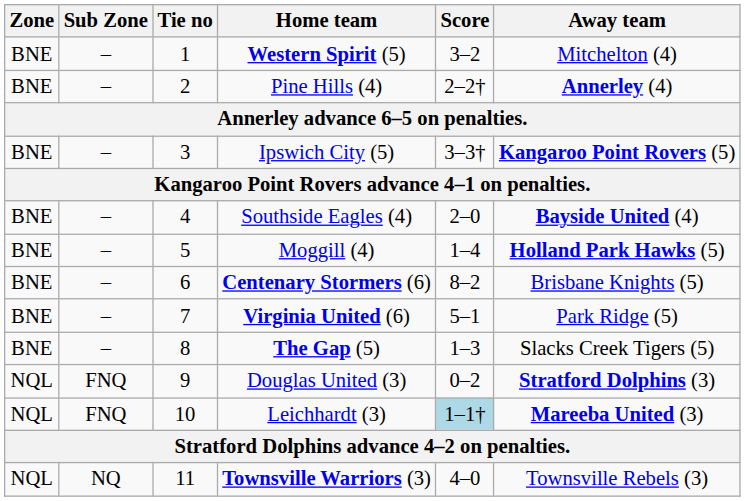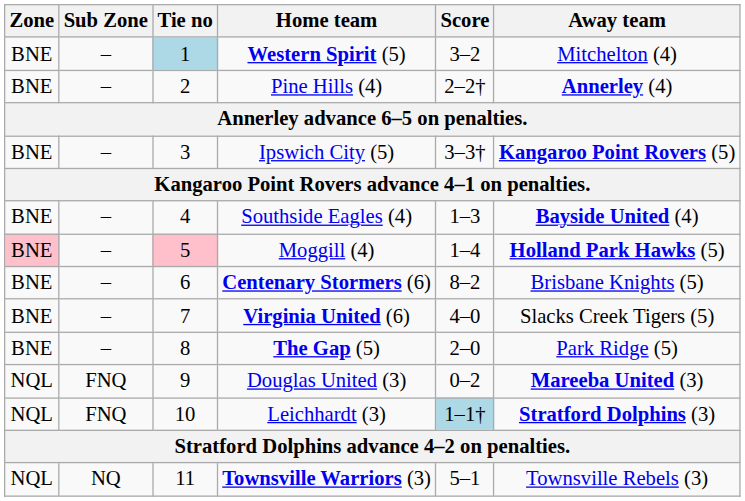 <table class="wikitable" style="text-align:center">
 <tr>
 <th>Zone</th>
 <th>Sub Zone</th>
 <th>Tie no</th>
 <th>Home team</th>
 <th>Score</th>
 <th>Away team</th>
 </tr>
 <tr>
 <td>BNE</td>
 <td>–</td>
-<td>1</td>
+<td style="background: lightblue;">1</td>
 <td><strong><a href='#'>Western Spirit</a></strong> (5)</td>
 <td>3–2</td>
 <td><a href='#'>Mitchelton</a> (4)</td>
 </tr>
 <tr>
 <td>BNE</td>
 <td>–</td>
 <td>2</td>
 <td><a href='#'>Pine Hills</a> (4)</td>
 <td>2–2†</td>
 <td><strong><a href='#'>Annerley</a></strong> (4)</td>
 </tr>
 <tr>
 <th colspan=6>Annerley advance 6–5 on penalties.</th>
 </tr>
 <tr>
 <td>BNE</td>
 <td>–</td>
 <td>3</td>
 <td><a href='#'>Ipswich City</a> (5)</td>
 <td>3–3†</td>
 <td><strong><a href='#'>Kangaroo Point Rovers</a></strong> (5)</td>
 </tr>
 <tr>
 <th colspan=6>Kangaroo Point Rovers advance 4–1 on penalties.</th>
 </tr>
 <tr>
 <td>BNE</td>
 <td>–</td>
 <td>4</td>
 <td><a href='#'>Southside Eagles</a> (4)</td>
-<td>2–0</td>
+<td>1–3</td>
 <td><strong><a href='#'>Bayside United</a></strong> (4)</td>
 </tr>
 <tr>
-<td>BNE</td>
+<td style="background: pink;">BNE</td>
 <td>–</td>
-<td>5</td>
+<td style="background: pink;">5</td>
 <td><a href='#'>Moggill</a> (4)</td>
 <td>1–4</td>
 <td><strong><a href='#'>Holland Park Hawks</a></strong> (5)</td>
 </tr>
 <tr>
 <td>BNE</td>
 <td>–</td>
 <td>6</td>
 <td><strong><a href='#'>Centenary Stormers</a></strong> (6)</td>
 <td>8–2</td>
 <td><a href='#'>Brisbane Knights</a> (5)</td>
 </tr>
 <tr>
 <td>BNE</td>
 <td>–</td>
 <td>7</td>
 <td><strong><a href='#'>Virginia United</a></strong> (6)</td>
-<td>5–1</td>
-<td><a href='#'>Park Ridge</a> (5)</td>
+<td>4–0</td>
+<td>Slacks Creek Tigers (5)</td>
 </tr>
 <tr>
 <td>BNE</td>
 <td>–</td>
 <td>8</td>
 <td><strong><a href='#'>The Gap</a></strong> (5)</td>
-<td>1–3</td>
-<td>Slacks Creek Tigers (5)</td>
+<td>2–0</td>
+<td><a href='#'>Park Ridge</a> (5)</td>
 </tr>
 <tr>
 <td>NQL</td>
 <td>FNQ</td>
 <td>9</td>
 <td><a href='#'>Douglas United</a> (3)</td>
 <td>0–2</td>
-<td><strong><a href='#'>Stratford Dolphins</a></strong> (3)</td>
+<td><strong><a href='#'>Mareeba United</a></strong> (3)</td>
 </tr>
 <tr>
 <td>NQL</td>
 <td>FNQ</td>
 <td>10</td>
 <td><a href='#'>Leichhardt</a> (3)</td>
 <td style="background: lightblue;">1–1†</td>
-<td><strong><a href='#'>Mareeba United</a></strong> (3)</td>
+<td><strong><a href='#'>Stratford Dolphins</a></strong> (3)</td>
 </tr>
 <tr>
 <th colspan=6>Stratford Dolphins advance 4–2 on penalties.</th>
 </tr>
 <tr>
 <td>NQL</td>
 <td>NQ</td>
 <td>11</td>
 <td><strong><a href='#'>Townsville Warriors</a></strong> (3)</td>
-<td>4–0</td>
+<td>5–1</td>
 <td><a href='#'>Townsville Rebels</a> (3)</td>
 </tr>
 </table>
